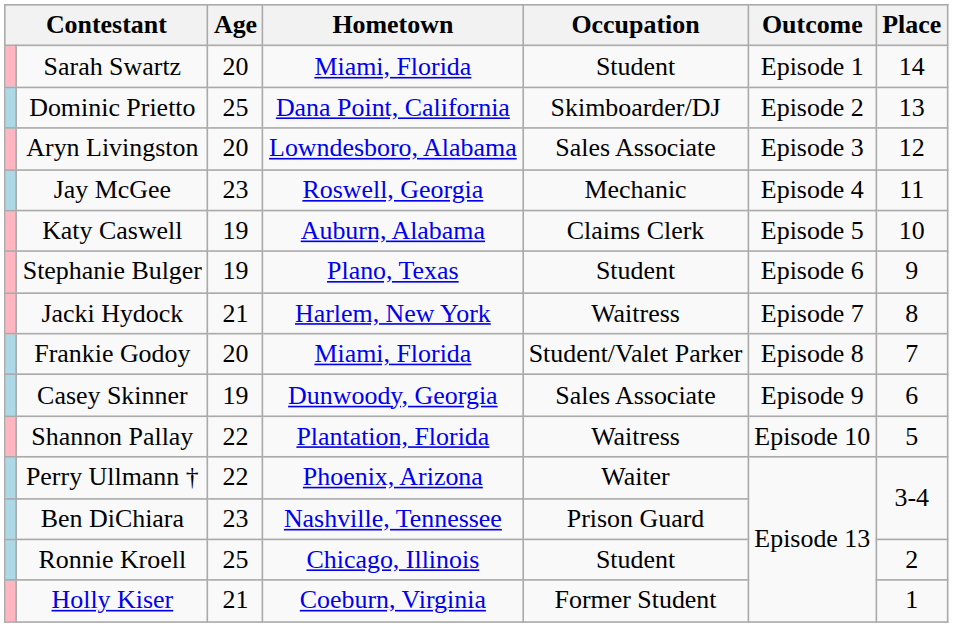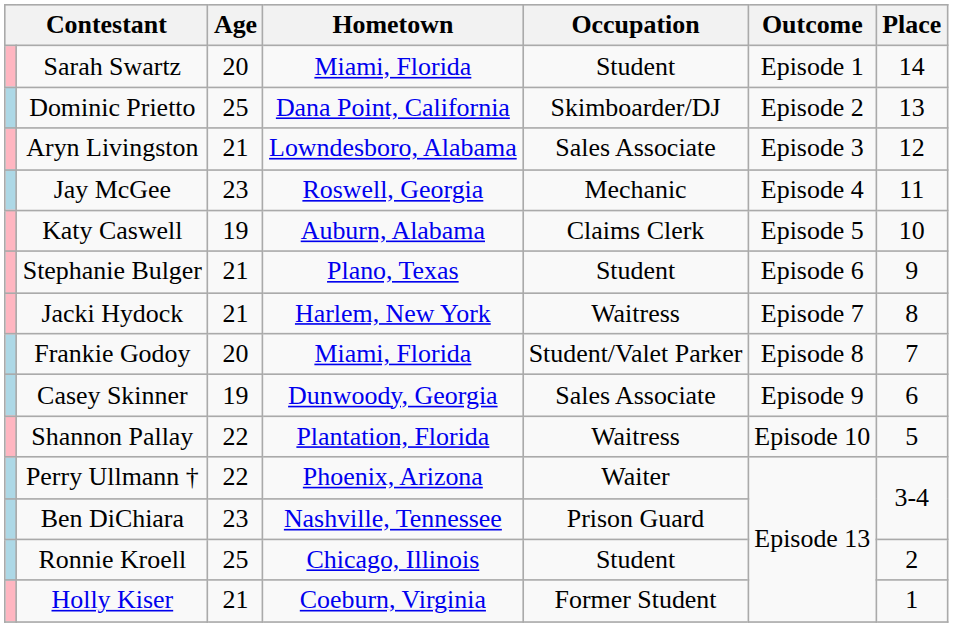 <table class="wikitable sortable" style="text-align:center;">
 <tr>
 <th colspan=2>Contestant</th>
 <th>Age</th>
 <th>Hometown</th>
 <th>Occupation</th>
 <th>Outcome</th>
 <th>Place</th>
 </tr>
 <tr>
 <td style="background:lightpink"></td>
 <td>Sarah Swartz</td>
 <td>20</td>
 <td><a href='#'>Miami, Florida</a></td>
 <td>Student</td>
 <td>Episode 1</td>
 <td>14</td>
 </tr>
 <tr>
 <td style="background:lightblue;"></td>
 <td>Dominic Prietto</td>
 <td>25</td>
 <td><a href='#'>Dana Point, California</a></td>
 <td>Skimboarder/DJ</td>
 <td>Episode 2</td>
 <td>13</td>
 </tr>
 <tr>
 <td style="background:lightpink"></td>
 <td>Aryn Livingston</td>
-<td>20</td>
+<td>21</td>
 <td><a href='#'>Lowndesboro, Alabama</a></td>
 <td>Sales Associate</td>
 <td>Episode 3</td>
 <td>12</td>
 </tr>
 <tr>
 <td style="background:lightblue;"></td>
 <td>Jay McGee</td>
 <td>23</td>
 <td><a href='#'>Roswell, Georgia</a></td>
 <td>Mechanic</td>
 <td>Episode 4</td>
 <td>11</td>
 </tr>
 <tr>
 <td style="background:lightpink"></td>
 <td>Katy Caswell</td>
 <td>19</td>
 <td><a href='#'>Auburn, Alabama</a></td>
 <td>Claims Clerk</td>
 <td>Episode 5</td>
 <td>10</td>
 </tr>
 <tr>
 <td style="background:lightpink"></td>
 <td>Stephanie Bulger</td>
-<td>19</td>
+<td>21</td>
 <td><a href='#'>Plano, Texas</a></td>
 <td>Student</td>
 <td>Episode 6</td>
 <td>9</td>
 </tr>
 <tr>
 <td style="background:lightpink"></td>
 <td>Jacki Hydock</td>
 <td>21</td>
 <td><a href='#'>Harlem, New York</a></td>
 <td>Waitress</td>
 <td>Episode 7</td>
 <td>8</td>
 </tr>
 <tr>
 <td style="background:lightblue;"></td>
 <td>Frankie Godoy</td>
 <td>20</td>
 <td><a href='#'>Miami, Florida</a></td>
 <td>Student/Valet Parker</td>
 <td>Episode 8</td>
 <td>7</td>
 </tr>
 <tr>
 <td style="background:lightblue;"></td>
 <td>Casey Skinner</td>
 <td>19</td>
 <td><a href='#'>Dunwoody, Georgia</a></td>
 <td>Sales Associate</td>
 <td>Episode 9</td>
 <td>6</td>
 </tr>
 <tr>
 <td style="background:lightpink"></td>
 <td>Shannon Pallay</td>
 <td>22</td>
 <td><a href='#'>Plantation, Florida</a></td>
 <td>Waitress</td>
 <td>Episode 10</td>
 <td>5</td>
 </tr>
 <tr>
 <td style="background:lightblue;"></td>
 <td>Perry Ullmann †</td>
 <td>22</td>
 <td><a href='#'>Phoenix, Arizona</a></td>
 <td>Waiter</td>
 <td rowspan=4>Episode 13</td>
 <td rowspan=2>3-4</td>
 </tr>
 <tr>
 <td style="background:lightblue;"></td>
 <td>Ben DiChiara</td>
 <td>23</td>
 <td><a href='#'>Nashville, Tennessee</a></td>
 <td>Prison Guard</td>
 </tr>
 <tr>
 <td style="background:lightblue;"></td>
 <td>Ronnie Kroell</td>
 <td>25</td>
 <td><a href='#'>Chicago, Illinois</a></td>
 <td>Student</td>
 <td>2</td>
 </tr>
 <tr>
 <td style="background:lightpink"></td>
 <td><a href='#'>Holly Kiser</a></td>
 <td>21</td>
 <td><a href='#'>Coeburn, Virginia</a></td>
 <td>Former Student</td>
 <td>1</td>
 </tr>
 </table>
